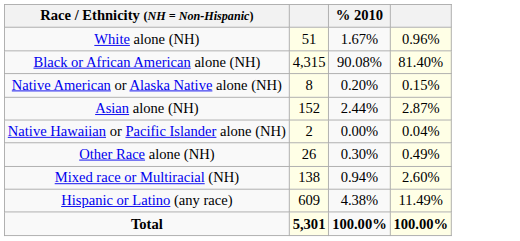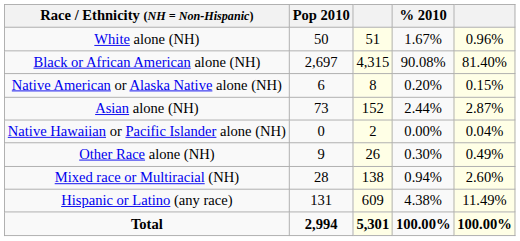 <table class="wikitable" style="text-align:center;">
 <tr>
 <th>Race / Ethnicity <small>(<em>NH = Non-Hispanic</em>)</small></th>
+<th>Pop 2010</th>
 <th></th>
 <th>% 2010</th>
 <th></th>
 </tr>
 <tr>
 <td><a href='#'>White</a> alone (NH)</td>
+<td>50</td>
 <td style='background: #ffffe6;'>51</td>
 <td>1.67%</td>
 <td style='background: #ffffe6;'>0.96%</td>
 </tr>
 <tr>
 <td><a href='#'>Black or African American</a> alone (NH)</td>
+<td>2,697</td>
 <td style='background: #ffffe6;'>4,315</td>
 <td>90.08%</td>
 <td style='background: #ffffe6;'>81.40%</td>
 </tr>
 <tr>
 <td><a href='#'>Native American</a> or <a href='#'>Alaska Native</a> alone (NH)</td>
+<td>6</td>
 <td style='background: #ffffe6;'>8</td>
 <td>0.20%</td>
 <td style='background: #ffffe6;'>0.15%</td>
 </tr>
 <tr>
 <td><a href='#'>Asian</a> alone (NH)</td>
+<td>73</td>
 <td style='background: #ffffe6;'>152</td>
 <td>2.44%</td>
 <td style='background: #ffffe6;'>2.87%</td>
 </tr>
 <tr>
 <td><a href='#'>Native Hawaiian</a> or <a href='#'>Pacific Islander</a> alone (NH)</td>
+<td>0</td>
 <td style='background: #ffffe6;'>2</td>
 <td>0.00%</td>
 <td style='background: #ffffe6;'>0.04%</td>
 </tr>
 <tr>
 <td><a href='#'>Other Race</a> alone (NH)</td>
+<td>9</td>
 <td style='background: #ffffe6;'>26</td>
 <td>0.30%</td>
 <td style='background: #ffffe6;'>0.49%</td>
 </tr>
 <tr>
 <td><a href='#'>Mixed race or Multiracial</a> (NH)</td>
+<td>28</td>
 <td style='background: #ffffe6;'>138</td>
 <td>0.94%</td>
 <td style='background: #ffffe6;'>2.60%</td>
 </tr>
 <tr>
 <td><a href='#'>Hispanic or Latino</a> (any race)</td>
+<td>131</td>
 <td style='background: #ffffe6;'>609</td>
 <td>4.38%</td>
 <td style='background: #ffffe6;'>11.49%</td>
 </tr>
 <tr>
 <td><strong>Total</strong></td>
+<td><strong>2,994</strong></td>
 <td style='background: #ffffe6;'><strong>5,301</strong></td>
 <td><strong>100.00%</strong></td>
 <td style='background: #ffffe6;'><strong>100.00%</strong></td>
 </tr>
 </table>
